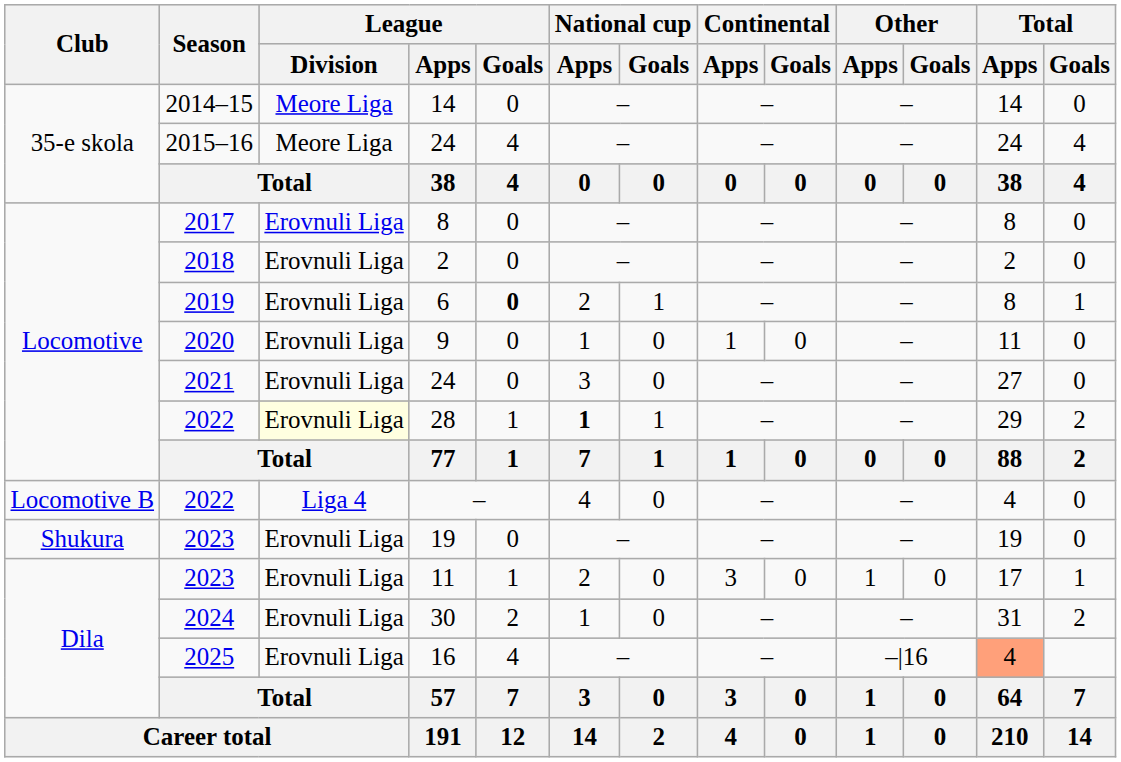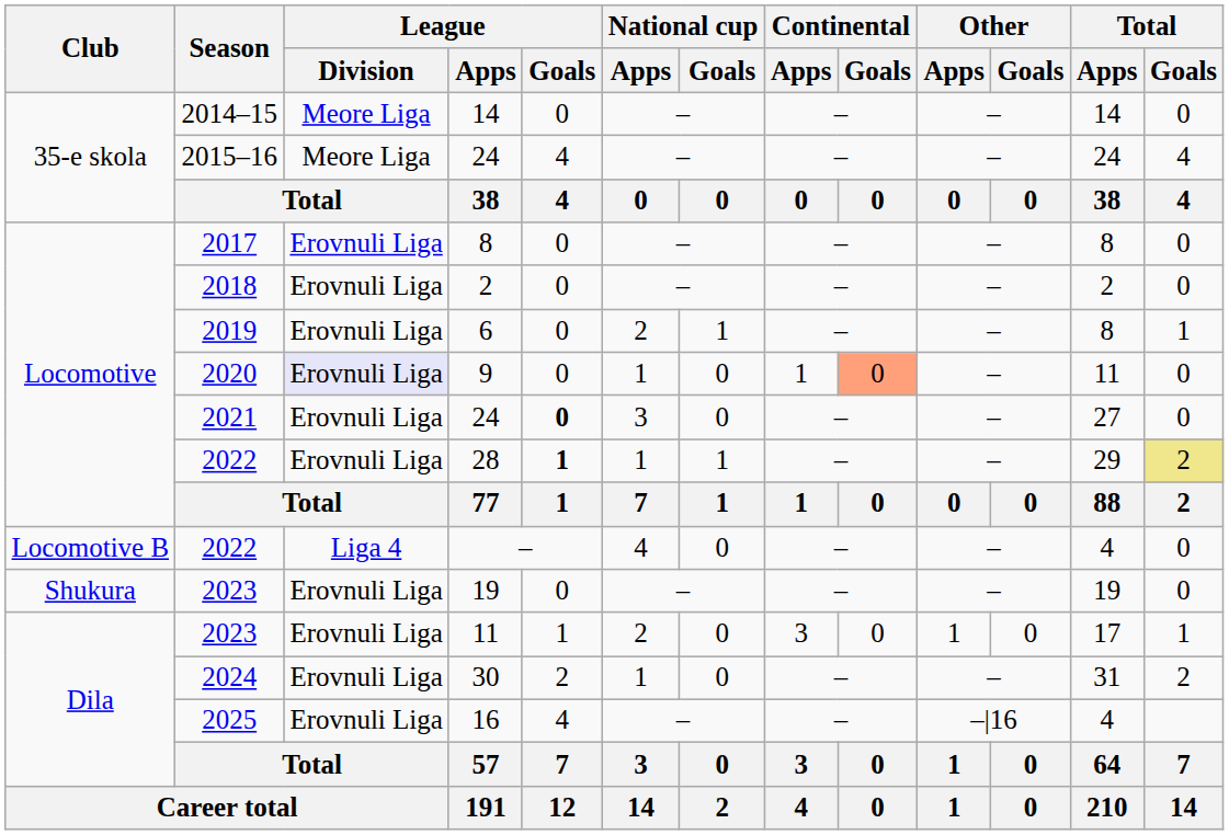 <table class="wikitable" style="text-align:center">
 <tr>
 <th rowspan="2">Club</th>
 <th rowspan="2">Season</th>
 <th colspan="3">League</th>
 <th colspan="2">National cup</th>
 <th colspan="2">Continental</th>
 <th colspan="2">Other</th>
 <th colspan="2">Total</th>
 </tr>
 <tr>
 <th>Division</th>
 <th>Apps</th>
 <th>Goals</th>
 <th>Apps</th>
 <th>Goals</th>
 <th>Apps</th>
 <th>Goals</th>
 <th>Apps</th>
 <th>Goals</th>
 <th>Apps</th>
 <th>Goals</th>
 </tr>
 <tr>
 <td rowspan="3">35-e skola</td>
 <td>2014–15</td>
 <td><a href='#'>Meore Liga</a></td>
 <td>14</td>
 <td>0</td>
 <td colspan="2">–</td>
 <td colspan="2">–</td>
 <td colspan="2">–</td>
 <td>14</td>
 <td>0</td>
 </tr>
 <tr>
 <td>2015–16</td>
 <td>Meore Liga</td>
 <td>24</td>
 <td>4</td>
 <td colspan="2">–</td>
 <td colspan="2">–</td>
 <td colspan="2">–</td>
 <td>24</td>
 <td>4</td>
 </tr>
 <tr>
 <th colspan="2">Total</th>
 <th>38</th>
 <th>4</th>
 <th>0</th>
 <th>0</th>
 <th>0</th>
 <th>0</th>
 <th>0</th>
 <th>0</th>
 <th>38</th>
 <th>4</th>
 </tr>
 <tr>
 <td rowspan="7"><a href='#'>Locomotive</a></td>
 <td><a href='#'>2017</a></td>
 <td><a href='#'>Erovnuli Liga</a></td>
 <td>8</td>
 <td>0</td>
 <td colspan="2">–</td>
 <td colspan="2">–</td>
 <td colspan="2">–</td>
 <td>8</td>
 <td>0</td>
 </tr>
 <tr>
 <td><a href='#'>2018</a></td>
 <td>Erovnuli Liga</td>
 <td>2</td>
 <td>0</td>
 <td colspan="2">–</td>
 <td colspan="2">–</td>
 <td colspan="2">–</td>
 <td>2</td>
 <td>0</td>
 </tr>
 <tr>
 <td><a href='#'>2019</a></td>
 <td>Erovnuli Liga</td>
 <td>6</td>
-<td><strong>0</strong></td>
+<td>0</td>
 <td>2</td>
 <td>1</td>
 <td colspan="2">–</td>
 <td colspan="2">–</td>
 <td>8</td>
 <td>1</td>
 </tr>
 <tr>
 <td><a href='#'>2020</a></td>
-<td>Erovnuli Liga</td>
+<td style="background: lavender;">Erovnuli Liga</td>
 <td>9</td>
 <td>0</td>
 <td>1</td>
 <td>0</td>
 <td>1</td>
-<td>0</td>
+<td style="background: lightsalmon;">0</td>
 <td colspan="2">–</td>
 <td>11</td>
 <td>0</td>
 </tr>
 <tr>
 <td><a href='#'>2021</a></td>
 <td>Erovnuli Liga</td>
 <td>24</td>
-<td>0</td>
+<td><strong>0</strong></td>
 <td>3</td>
 <td>0</td>
 <td colspan="2">–</td>
 <td colspan="2">–</td>
 <td>27</td>
 <td>0</td>
 </tr>
 <tr>
 <td><a href='#'>2022</a></td>
-<td style="background: lightyellow;">Erovnuli Liga</td>
+<td>Erovnuli Liga</td>
 <td>28</td>
+<td><strong>1</strong></td>
 <td>1</td>
-<td><strong>1</strong></td>
 <td>1</td>
 <td colspan="2">–</td>
 <td colspan="2">–</td>
 <td>29</td>
-<td>2</td>
+<td style="background: khaki;">2</td>
 </tr>
 <tr>
 <th colspan="2">Total</th>
 <th>77</th>
 <th>1</th>
 <th>7</th>
 <th>1</th>
 <th>1</th>
 <th>0</th>
 <th>0</th>
 <th>0</th>
 <th>88</th>
 <th>2</th>
 </tr>
 <tr>
 <td><a href='#'>Locomotive B</a></td>
 <td><a href='#'>2022</a></td>
 <td><a href='#'>Liga 4</a></td>
 <td colspan="2">–</td>
 <td>4</td>
 <td>0</td>
 <td colspan="2">–</td>
 <td colspan="2">–</td>
 <td>4</td>
 <td>0</td>
 </tr>
 <tr>
 <td><a href='#'>Shukura</a></td>
 <td><a href='#'>2023</a></td>
 <td>Erovnuli Liga</td>
 <td>19</td>
 <td>0</td>
 <td colspan="2">–</td>
 <td colspan="2">–</td>
 <td colspan="2">–</td>
 <td>19</td>
 <td>0</td>
 </tr>
 <tr>
 <td rowspan="4"><a href='#'>Dila</a></td>
 <td><a href='#'>2023</a></td>
 <td>Erovnuli Liga</td>
 <td>11</td>
 <td>1</td>
 <td>2</td>
 <td>0</td>
 <td>3</td>
 <td>0</td>
 <td>1</td>
 <td>0</td>
 <td>17</td>
 <td>1</td>
 </tr>
 <tr>
 <td><a href='#'>2024</a></td>
 <td>Erovnuli Liga</td>
 <td>30</td>
 <td>2</td>
 <td>1</td>
 <td>0</td>
 <td colspan="2">–</td>
 <td colspan="2">–</td>
 <td>31</td>
 <td>2</td>
 </tr>
 <tr>
 <td><a href='#'>2025</a></td>
 <td>Erovnuli Liga</td>
 <td>16</td>
 <td>4</td>
 <td colspan="2">–</td>
 <td colspan="2">–</td>
 <td colspan="2">–|16</td>
-<td style="background: lightsalmon;">4</td>
+<td>4</td>
 </tr>
 <tr>
 <th colspan="2">Total</th>
 <th>57</th>
 <th>7</th>
 <th>3</th>
 <th>0</th>
 <th>3</th>
 <th>0</th>
 <th>1</th>
 <th>0</th>
 <th>64</th>
 <th>7</th>
 </tr>
 <tr>
 <th colspan="3">Career total</th>
 <th>191</th>
 <th>12</th>
 <th>14</th>
 <th>2</th>
 <th>4</th>
 <th>0</th>
 <th>1</th>
 <th>0</th>
 <th>210</th>
 <th>14</th>
 </tr>
 </table>
